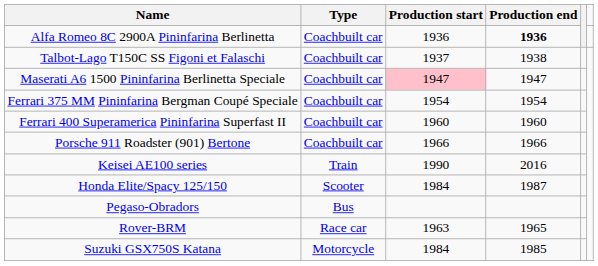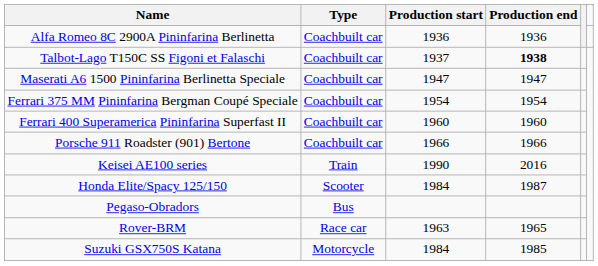 <table class="wikitable plainrowheaders sortable" style="text-align:center">
 <tr>
 <th scope=col>Name</th>
 <th score=col>Type</th>
 <th scope=col>Production start</th>
 <th scope=col>Production end</th>
 <th scope="col" rowspan="2" class=unsortable></th>
 </tr>
 <tr>
 <td><a href='#'>Alfa Romeo 8C</a> 2900A <a href='#'>Pininfarina</a> Berlinetta </td>
 <td><a href='#'>Coachbuilt car</a></td>
 <td>1936</td>
-<td><strong>1936</strong></td>
+<td>1936</td>
 <td></td>
 </tr>
 <tr>
 <td><a href='#'>Talbot-Lago</a> T150C SS <a href='#'>Figoni et Falaschi</a></td>
 <td><a href='#'>Coachbuilt car</a></td>
 <td>1937</td>
-<td>1938</td>
+<td><strong>1938</strong></td>
 <td></td>
 </tr>
 <tr>
 <td><a href='#'>Maserati A6</a> 1500 <a href='#'>Pininfarina</a> Berlinetta Speciale</td>
 <td><a href='#'>Coachbuilt car</a></td>
-<td style="background: pink;">1947</td>
+<td>1947</td>
 <td>1947</td>
 <td></td>
 </tr>
 <tr>
 <td><a href='#'>Ferrari 375 MM</a> <a href='#'>Pininfarina</a> Bergman Coupé Speciale</td>
 <td><a href='#'>Coachbuilt car</a></td>
 <td>1954</td>
 <td>1954</td>
 <td></td>
 </tr>
 <tr>
 <td><a href='#'>Ferrari 400 Superamerica</a> <a href='#'>Pininfarina</a> Superfast II</td>
 <td><a href='#'>Coachbuilt car</a></td>
 <td>1960</td>
 <td>1960</td>
 <td></td>
 </tr>
 <tr>
 <td><a href='#'>Porsche 911</a> Roadster (901) <a href='#'>Bertone</a></td>
 <td><a href='#'>Coachbuilt car</a></td>
 <td>1966</td>
 <td>1966</td>
 <td></td>
 </tr>
 <tr>
 <td><a href='#'>Keisei AE100 series</a></td>
 <td><a href='#'>Train</a></td>
 <td>1990</td>
 <td>2016</td>
 <td></td>
 </tr>
 <tr>
 <td><a href='#'>Honda Elite/Spacy 125/150</a></td>
 <td><a href='#'>Scooter</a></td>
 <td>1984</td>
 <td>1987</td>
 <td></td>
 </tr>
 <tr>
 <td><a href='#'>Pegaso-Obradors</a></td>
 <td><a href='#'>Bus</a></td>
 <td></td>
 <td></td>
 <td></td>
 </tr>
 <tr>
 <td><a href='#'>Rover-BRM</a></td>
 <td><a href='#'>Race car</a></td>
 <td>1963</td>
 <td>1965</td>
 <td></td>
 </tr>
 <tr>
 <td><a href='#'>Suzuki GSX750S Katana</a></td>
 <td><a href='#'>Motorcycle</a></td>
 <td>1984</td>
 <td>1985</td>
 <td></td>
 </tr>
 </table>
